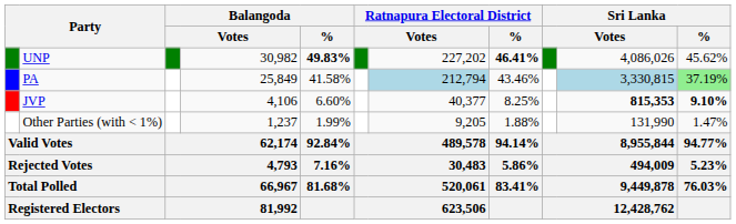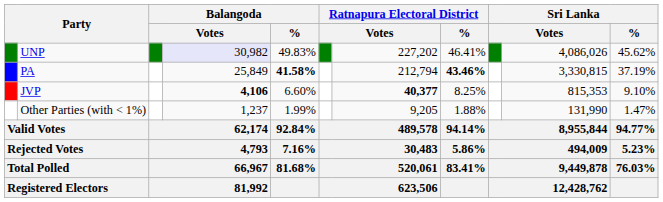 <table class="wikitable">
 <tr>
 <th colspan="2" width="144px"rowspan="2">Party</th>
 <th colspan="3" width="216px">Balangoda</th>
 <th colspan="3" width="216px"><a href='#'>Ratnapura Electoral District</a></th>
 <th colspan="3" width="216px">Sri Lanka</th>
 </tr>
 <tr>
 <th colspan="2" width="144px">Votes</th>
 <th>%</th>
 <th colspan="2" width="144px">Votes</th>
 <th>%</th>
 <th colspan="2" width="144px">Votes</th>
 <th>%</th>
 </tr>
 <tr>
 <td style="background-color:green;" width="10px"></td>
 <td style="text-align:left;"><a href='#'>UNP</a></td>
 <td style="background-color:green;" width="10px"></td>
-<td style="text-align:right;">30,982</td>
-<td style="text-align:right;"><strong>49.83%</strong></td>
+<td style="background: lavender; text-align:right;">30,982</td>
+<td style="text-align:right;">49.83%</td>
 <td style="background-color:green;" width="10px"></td>
 <td style="text-align:right;">227,202</td>
-<td style="text-align:right;"><strong>46.41%</strong></td>
+<td style="text-align:right;">46.41%</td>
 <td style="background-color:green;" width="10px"></td>
 <td style="text-align:right;">4,086,026</td>
 <td style="text-align:right;">45.62%</td>
 </tr>
 <tr>
 <td style="background-color:blue;" width="10px"></td>
 <td style="text-align:left;"><a href='#'>PA</a></td>
 <td style="background-color:white;" width="10px"></td>
 <td style="text-align:right;">25,849</td>
-<td style="text-align:right;">41.58%</td>
+<td style="text-align:right;"><strong>41.58%</strong></td>
 <td style="background-color:white;" width="10px"></td>
-<td style="background: lightblue; text-align:right;">212,794</td>
-<td style="text-align:right;">43.46%</td>
+<td style="text-align:right;">212,794</td>
+<td style="text-align:right;"><strong>43.46%</strong></td>
 <td style="background-color:white;" width="10px"></td>
-<td style="background: lightblue; text-align:right;">3,330,815</td>
-<td style="background: lightgreen; text-align:right;">37.19%</td>
+<td style="text-align:right;">3,330,815</td>
+<td style="text-align:right;">37.19%</td>
 </tr>
 <tr>
 <td style="background-color:red;" width="10px"></td>
 <td style="text-align:left;"><a href='#'>JVP</a></td>
 <td style="background-color:white;" width="10px"></td>
-<td style="text-align:right;">4,106</td>
+<td style="text-align:right;"><strong>4,106</strong></td>
 <td style="text-align:right;">6.60%</td>
 <td style="background-color:white;" width="10px"></td>
-<td style="text-align:right;">40,377</td>
+<td style="text-align:right;"><strong>40,377</strong></td>
 <td style="text-align:right;">8.25%</td>
 <td style="background-color:white;" width="10px"></td>
-<td style="text-align:right;"><strong>815,353</strong></td>
-<td style="text-align:right;"><strong>9.10%</strong></td>
+<td style="text-align:right;">815,353</td>
+<td style="text-align:right;">9.10%</td>
 </tr>
 <tr>
 <td style="background-color:white;" width="10px"></td>
 <td style="text-align:left;">Other Parties (with < 1%)</td>
 <td style="background-color:white;" width="10px"></td>
 <td style="text-align:right;">1,237</td>
 <td style="text-align:right;">1.99%</td>
 <td style="background-color:white;" width="10px"></td>
 <td style="text-align:right;">9,205</td>
 <td style="text-align:right;">1.88%</td>
 <td style="background-color:white;" width="10px"></td>
 <td style="text-align:right;">131,990</td>
 <td style="text-align:right;">1.47%</td>
 </tr>
 <tr>
 <th colspan="2" width="144px"style="text-align:left;">Valid Votes</th>
 <th style="text-align:right;"colspan="2" width="144px">62,174</th>
 <th style="text-align:right;">92.84%</th>
 <th style="text-align:right;"colspan="2" width="144px">489,578</th>
 <th style="text-align:right;">94.14%</th>
 <th style="text-align:right;"colspan="2" width="144px">8,955,844</th>
 <th style="text-align:right;">94.77%</th>
 </tr>
 <tr>
 <th colspan="2" width="144px"style="text-align:left;">Rejected Votes</th>
 <th style="text-align:right;"colspan="2" width="144px">4,793</th>
 <th style="text-align:right;">7.16%</th>
 <th style="text-align:right;"colspan="2" width="144px">30,483</th>
 <th style="text-align:right;">5.86%</th>
 <th style="text-align:right;"colspan="2" width="144px">494,009</th>
 <th style="text-align:right;">5.23%</th>
 </tr>
 <tr>
 <th colspan="2" width="144px"style="text-align:left;">Total Polled</th>
 <th style="text-align:right;"colspan="2" width="144px">66,967</th>
 <th style="text-align:right;">81.68%</th>
 <th style="text-align:right;"colspan="2" width="144px">520,061</th>
 <th style="text-align:right;">83.41%</th>
 <th style="text-align:right;"colspan="2" width="144px">9,449,878</th>
 <th style="text-align:right;">76.03%</th>
 </tr>
 <tr>
 <th colspan="2" width="144px"style="text-align:left;">Registered Electors</th>
 <th style="text-align:right;"colspan="2" width="144px">81,992</th>
 <th></th>
 <th style="text-align:right;"colspan="2" width="144px">623,506</th>
 <th></th>
 <th style="text-align:right;"colspan="2" width="144px">12,428,762</th>
 <th></th>
 </tr>
 </table>
